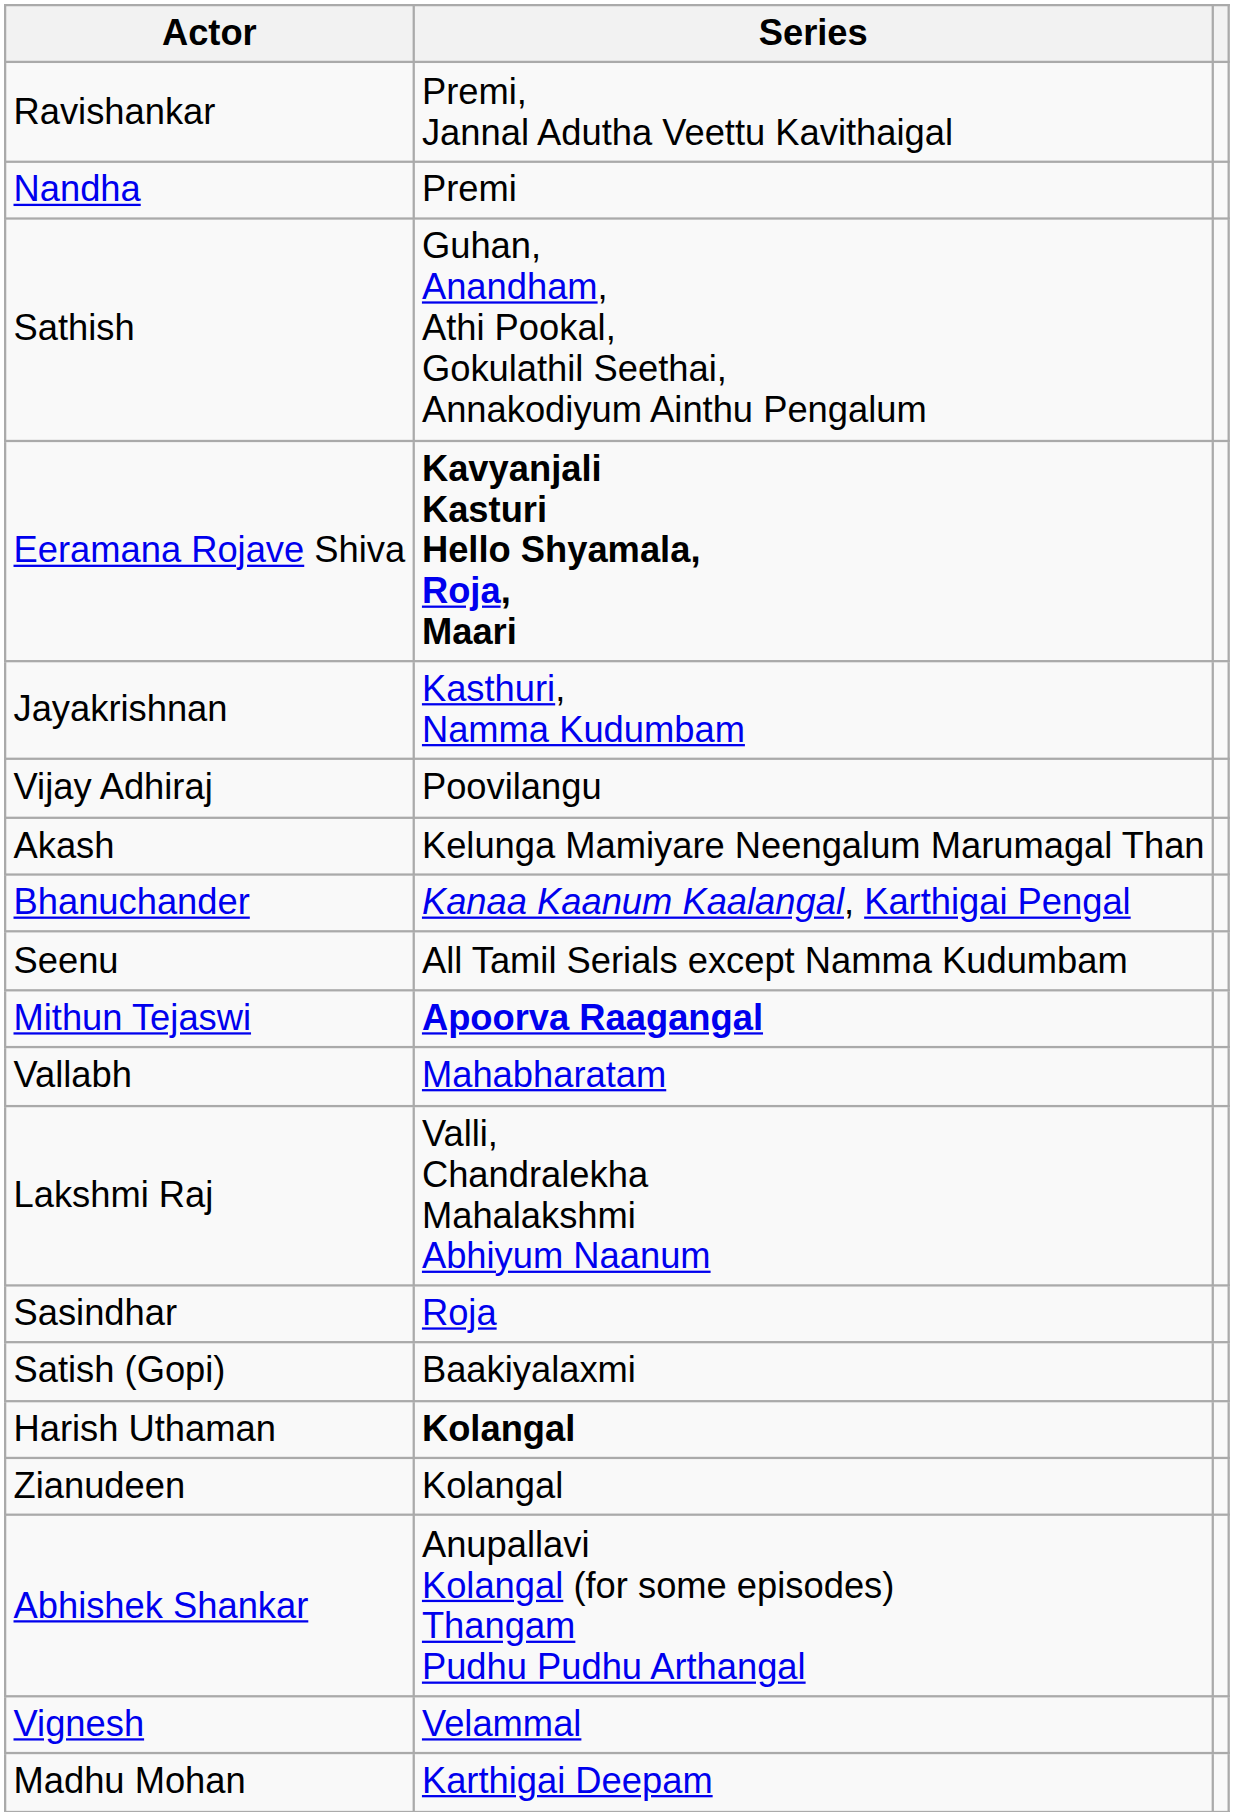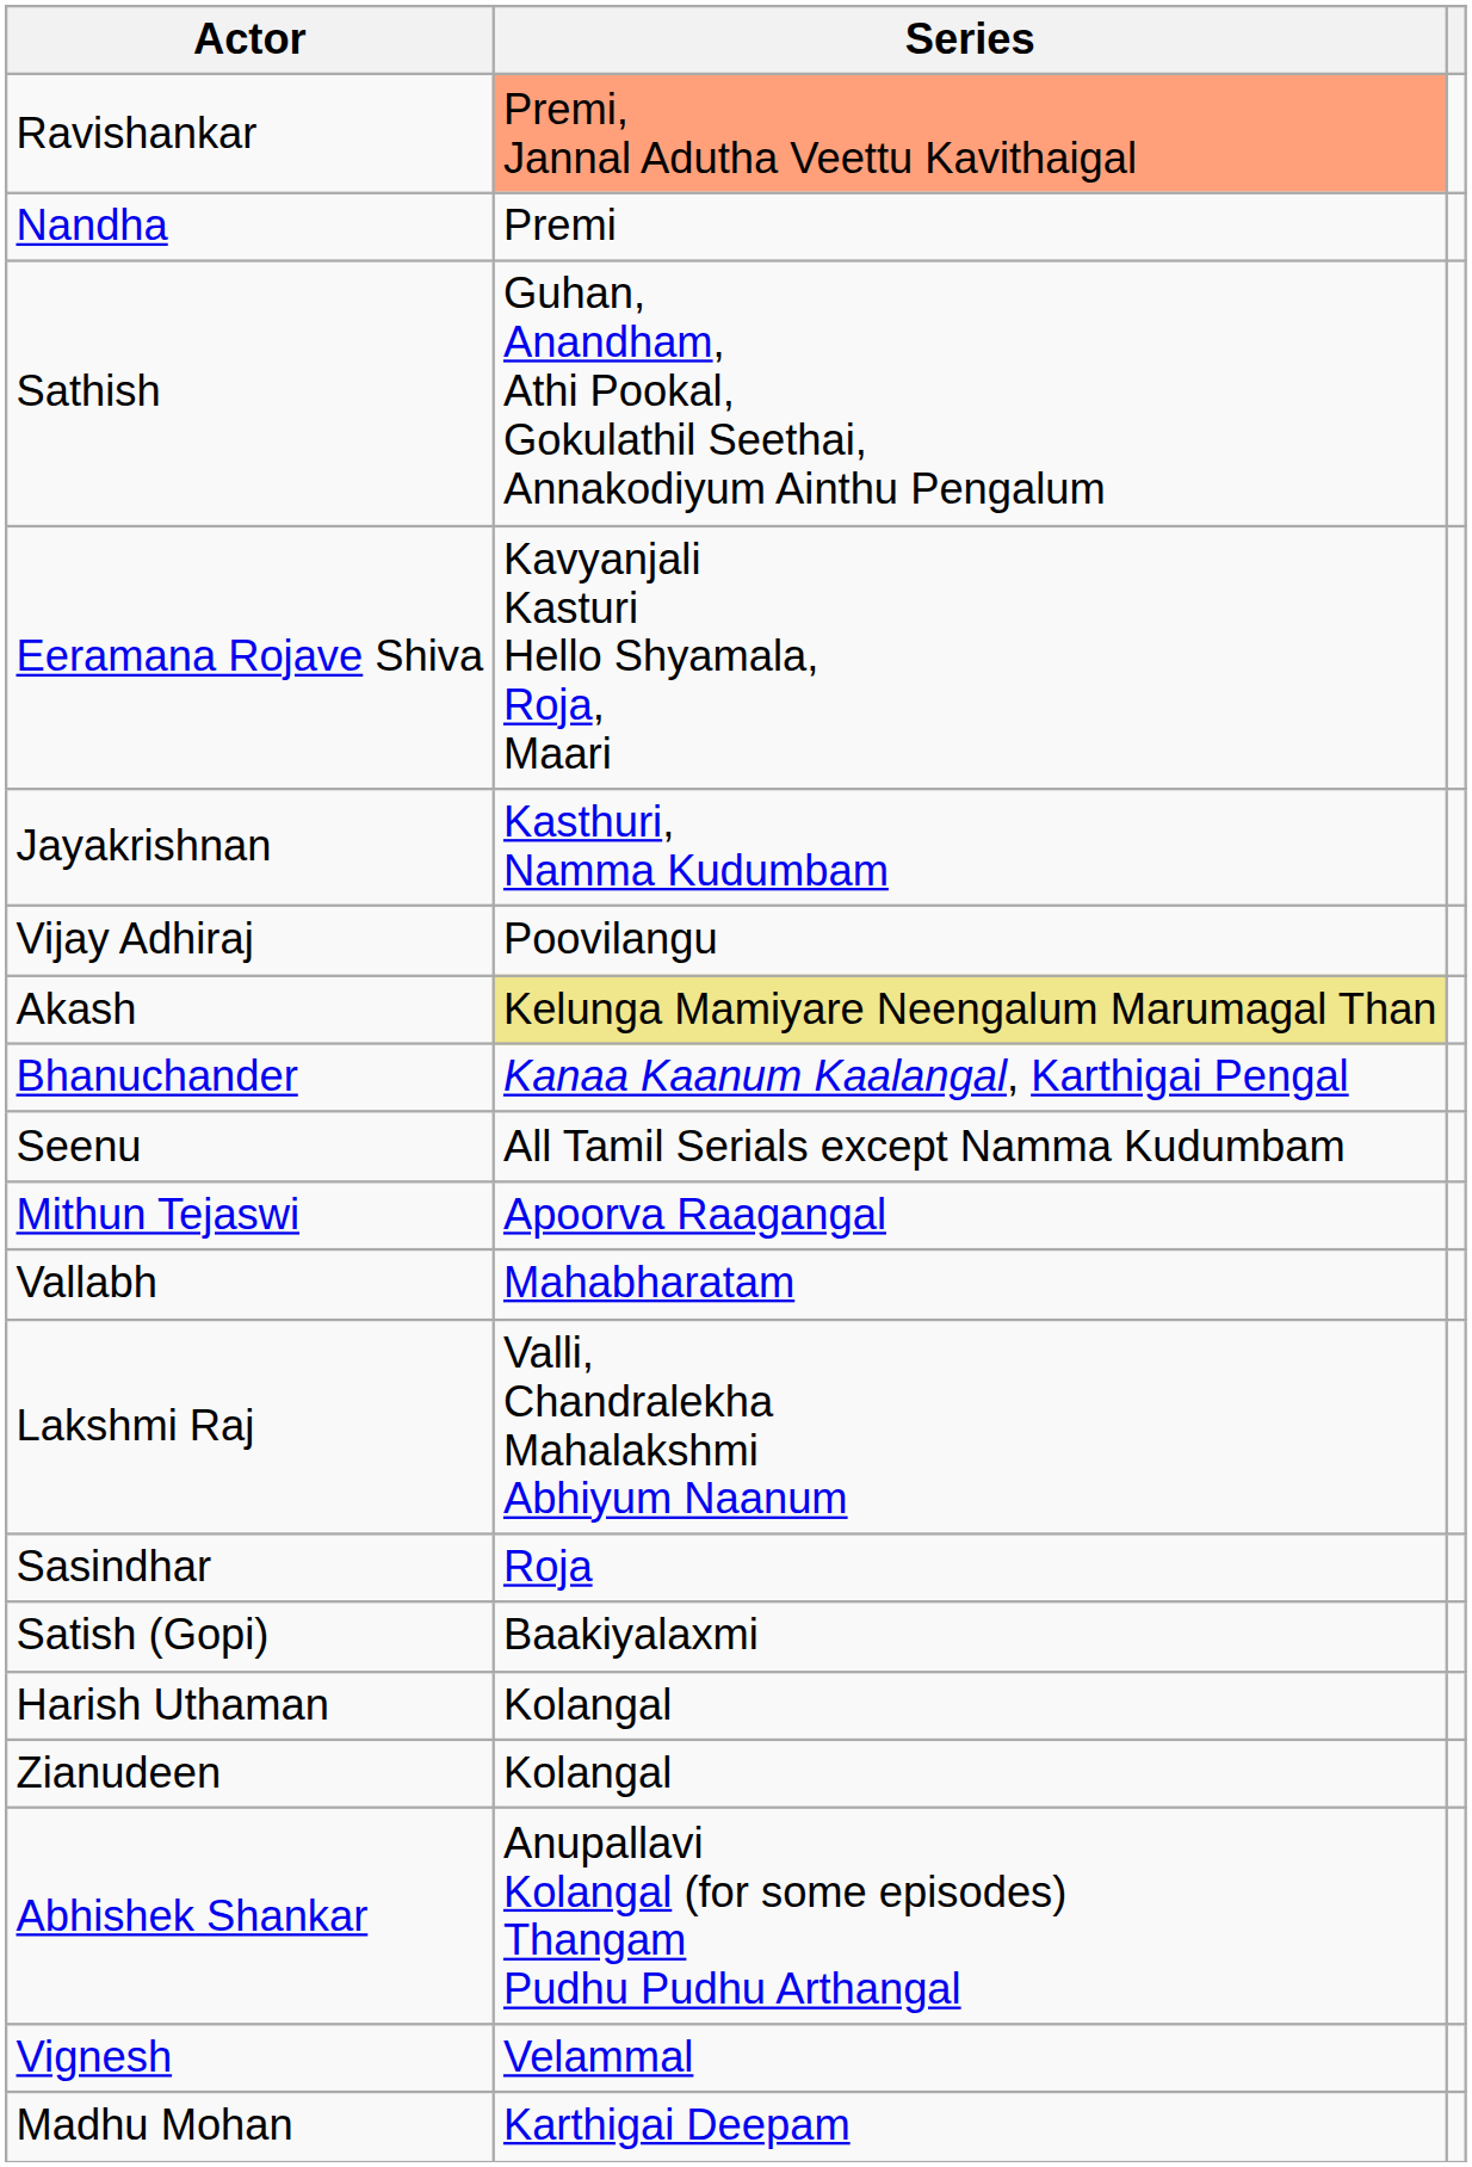 <table class="wikitable">
 <tr>
 <th>Actor</th>
 <th>Series</th>
 <th class="unsortable"></th>
 </tr>
 <tr>
 <td>Ravishankar</td>
-<td>Premi,<br>Jannal Adutha Veettu Kavithaigal</td>
+<td style="background: lightsalmon;">Premi,<br>Jannal Adutha Veettu Kavithaigal</td>
 <td></td>
 </tr>
 <tr>
 <td><a href='#'>Nandha</a></td>
 <td>Premi</td>
 <td></td>
 </tr>
 <tr>
 <td>Sathish</td>
 <td>Guhan,<br><a href='#'>Anandham</a>,<br>Athi Pookal,<br>Gokulathil Seethai,<br>Annakodiyum Ainthu Pengalum</td>
 <td></td>
 </tr>
 <tr>
 <td><a href='#'>Eeramana Rojave</a> Shiva</td>
-<td><strong>Kavyanjali<br>Kasturi<br>Hello Shyamala,<br><a href='#'>Roja</a>,<br>Maari</strong></td>
+<td>Kavyanjali<br>Kasturi<br>Hello Shyamala,<br><a href='#'>Roja</a>,<br>Maari</td>
 <td></td>
 </tr>
 <tr>
 <td>Jayakrishnan</td>
 <td><a href='#'>Kasthuri</a>,<br><a href='#'>Namma Kudumbam</a></td>
 <td></td>
 </tr>
 <tr>
 <td>Vijay Adhiraj</td>
 <td>Poovilangu</td>
 <td></td>
 </tr>
 <tr>
 <td>Akash</td>
-<td>Kelunga Mamiyare Neengalum Marumagal Than</td>
+<td style="background: khaki;">Kelunga Mamiyare Neengalum Marumagal Than</td>
 <td></td>
 </tr>
 <tr>
 <td><a href='#'>Bhanuchander</a></td>
 <td><em><a href='#'>Kanaa Kaanum Kaalangal</a></em>, <a href='#'>Karthigai Pengal</a></td>
 <td></td>
 </tr>
 <tr>
 <td>Seenu</td>
 <td>All Tamil Serials except Namma Kudumbam</td>
 <td></td>
 </tr>
 <tr>
 <td><a href='#'>Mithun Tejaswi</a></td>
-<td><strong><a href='#'>Apoorva Raagangal</a></strong></td>
+<td><a href='#'>Apoorva Raagangal</a></td>
 <td></td>
 </tr>
 <tr>
 <td>Vallabh</td>
 <td><a href='#'>Mahabharatam</a></td>
 <td></td>
 </tr>
 <tr>
 <td>Lakshmi Raj</td>
 <td>Valli,<br>Chandralekha<br>Mahalakshmi<br><a href='#'>Abhiyum Naanum</a></td>
 <td></td>
 </tr>
 <tr>
 <td>Sasindhar</td>
 <td><a href='#'>Roja</a></td>
 <td></td>
 </tr>
 <tr>
 <td>Satish (Gopi)</td>
 <td>Baakiyalaxmi</td>
 <td></td>
 </tr>
 <tr>
 <td>Harish Uthaman</td>
-<td><strong>Kolangal</strong></td>
+<td>Kolangal</td>
 <td></td>
 </tr>
 <tr>
 <td>Zianudeen</td>
 <td>Kolangal</td>
 <td></td>
 </tr>
 <tr>
 <td><a href='#'>Abhishek Shankar</a></td>
 <td>Anupallavi<br><a href='#'>Kolangal</a> (for some episodes)<br><a href='#'>Thangam</a><br><a href='#'>Pudhu Pudhu Arthangal</a></td>
 <td></td>
 </tr>
 <tr>
 <td><a href='#'>Vignesh</a></td>
 <td><a href='#'>Velammal</a></td>
 <td></td>
 </tr>
 <tr>
 <td>Madhu Mohan</td>
 <td><a href='#'>Karthigai Deepam</a></td>
 <td></td>
 </tr>
 <tr>
 </tr>
 </table>
